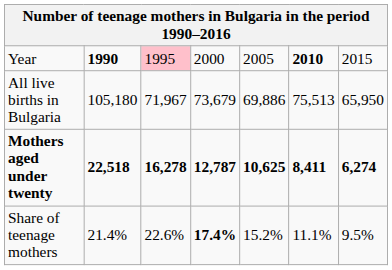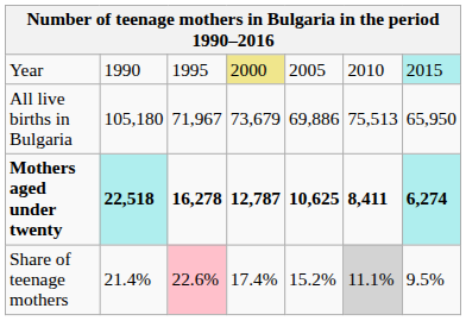 <table class="wikitable" width="400px">
 <tr>
 <th colspan=19>Number of teenage mothers in Bulgaria in the period 1990–2016 </th>
 </tr>
 <tr>
 <td>Year</td>
-<td><strong>1990</strong></td>
-<td style="background: pink;">1995</td>
-<td>2000</td>
+<td>1990</td>
+<td>1995</td>
+<td style="background: khaki;">2000</td>
 <td>2005</td>
-<td><strong>2010</strong></td>
-<td>2015</td>
+<td>2010</td>
+<td style="background: paleturquoise;">2015</td>
 </tr>
 <tr>
 <td>All live births in Bulgaria</td>
 <td>105,180</td>
 <td>71,967</td>
 <td>73,679</td>
 <td>69,886</td>
 <td>75,513</td>
 <td>65,950</td>
 </tr>
 <tr>
 <td><strong>Mothers aged under twenty</strong></td>
-<td><strong>22,518</strong></td>
+<td style="background: paleturquoise;"><strong>22,518</strong></td>
 <td><strong>16,278</strong></td>
 <td><strong>12,787</strong></td>
 <td><strong>10,625</strong></td>
 <td><strong>8,411</strong></td>
-<td><strong>6,274</strong></td>
+<td style="background: paleturquoise;"><strong>6,274</strong></td>
 </tr>
 <tr>
 <td>Share of teenage mothers</td>
 <td> 21.4%</td>
-<td>22.6%</td>
-<td><strong> 17.4%</strong></td>
+<td style="background: pink;">22.6%</td>
+<td> 17.4%</td>
 <td> 15.2%</td>
-<td> 11.1%</td>
+<td style="background: lightgrey;"> 11.1%</td>
 <td> 9.5%</td>
 </tr>
 </table>
